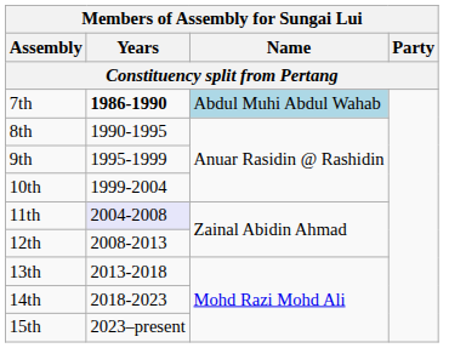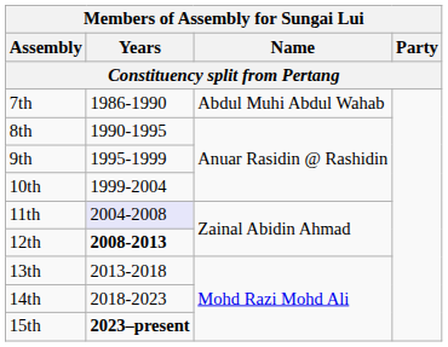 <table class="wikitable">
 <tr>
 <th colspan="4">Members of Assembly for Sungai Lui</th>
 </tr>
 <tr>
 <th>Assembly</th>
 <th>Years</th>
 <th>Name</th>
 <th>Party</th>
 </tr>
 <tr>
 <th colspan="4"><em>Constituency split from Pertang</em></th>
 </tr>
 <tr>
 <td>7th</td>
-<td><strong>1986-1990</strong></td>
-<td style="background: lightblue;">Abdul Muhi Abdul Wahab</td>
+<td>1986-1990</td>
+<td>Abdul Muhi Abdul Wahab</td>
 <td rowspan="9"></td>
 </tr>
 <tr>
 <td>8th</td>
 <td>1990-1995</td>
 <td rowspan="3">Anuar Rasidin @ Rashidin</td>
 </tr>
 <tr>
 <td>9th</td>
 <td>1995-1999</td>
 </tr>
 <tr>
 <td>10th</td>
 <td>1999-2004</td>
 </tr>
 <tr>
 <td>11th</td>
 <td style="background: lavender;">2004-2008</td>
 <td rowspan="2">Zainal Abidin Ahmad</td>
 </tr>
 <tr>
 <td>12th</td>
-<td>2008-2013</td>
+<td><strong>2008-2013</strong></td>
 </tr>
 <tr>
 <td>13th</td>
 <td>2013-2018</td>
 <td rowspan="3"><a href='#'>Mohd Razi Mohd Ali</a></td>
 </tr>
 <tr>
 <td>14th</td>
 <td>2018-2023</td>
 </tr>
 <tr>
 <td>15th</td>
-<td>2023–present</td>
+<td><strong>2023–present</strong></td>
 </tr>
 </table>
